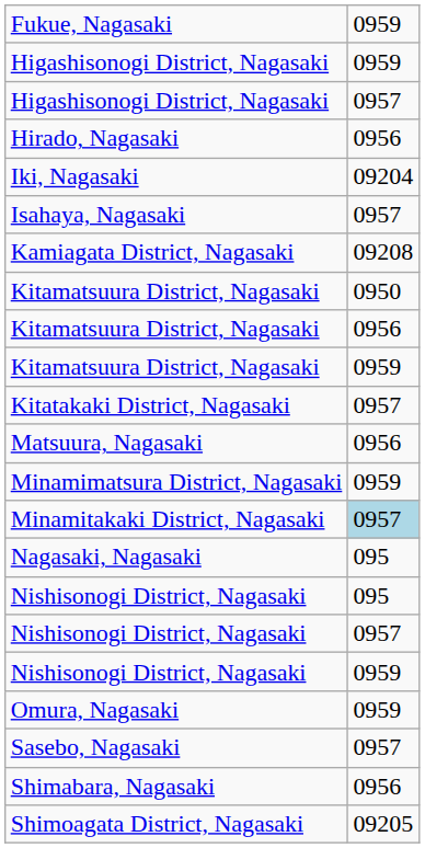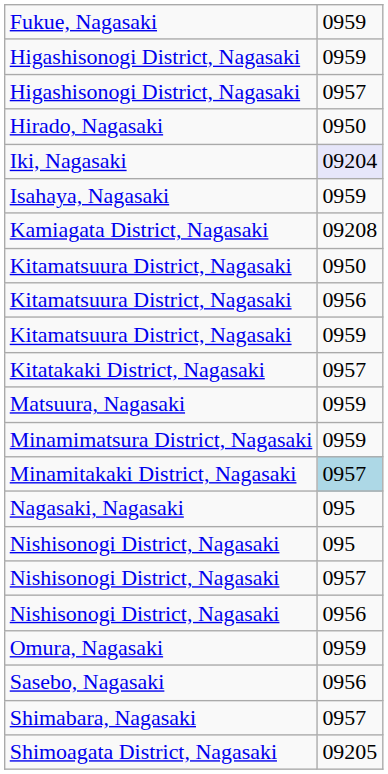 <table class="wikitable">
 <tr>
 <td><a href='#'>Fukue, Nagasaki</a></td>
 <td>0959</td>
 </tr>
 <tr>
 <td><a href='#'>Higashisonogi District, Nagasaki</a></td>
 <td>0959</td>
 </tr>
 <tr>
 <td><a href='#'>Higashisonogi District, Nagasaki</a></td>
 <td>0957</td>
 </tr>
 <tr>
 <td><a href='#'>Hirado, Nagasaki</a></td>
-<td>0956</td>
+<td>0950</td>
 </tr>
 <tr>
 <td><a href='#'>Iki, Nagasaki</a></td>
-<td>09204</td>
+<td style="background: lavender;">09204</td>
 </tr>
 <tr>
 <td><a href='#'>Isahaya, Nagasaki</a></td>
-<td>0957</td>
+<td>0959</td>
 </tr>
 <tr>
 <td><a href='#'>Kamiagata District, Nagasaki</a></td>
 <td>09208</td>
 </tr>
 <tr>
 <td><a href='#'>Kitamatsuura District, Nagasaki</a></td>
 <td>0950</td>
 </tr>
 <tr>
 <td><a href='#'>Kitamatsuura District, Nagasaki</a></td>
 <td>0956</td>
 </tr>
 <tr>
 <td><a href='#'>Kitamatsuura District, Nagasaki</a></td>
 <td>0959</td>
 </tr>
 <tr>
 <td><a href='#'>Kitatakaki District, Nagasaki</a></td>
 <td>0957</td>
 </tr>
 <tr>
 <td><a href='#'>Matsuura, Nagasaki</a></td>
-<td>0956</td>
+<td>0959</td>
 </tr>
 <tr>
 <td><a href='#'>Minamimatsura District, Nagasaki</a></td>
 <td>0959</td>
 </tr>
 <tr>
 <td><a href='#'>Minamitakaki District, Nagasaki</a></td>
 <td style="background: lightblue;">0957</td>
 </tr>
 <tr>
 <td><a href='#'>Nagasaki, Nagasaki</a></td>
 <td>095</td>
 </tr>
 <tr>
 <td><a href='#'>Nishisonogi District, Nagasaki</a></td>
 <td>095</td>
 </tr>
 <tr>
 <td><a href='#'>Nishisonogi District, Nagasaki</a></td>
 <td>0957</td>
 </tr>
 <tr>
 <td><a href='#'>Nishisonogi District, Nagasaki</a></td>
-<td>0959</td>
+<td>0956</td>
 </tr>
 <tr>
 <td><a href='#'>Omura, Nagasaki</a></td>
 <td>0959</td>
 </tr>
 <tr>
 <td><a href='#'>Sasebo, Nagasaki</a></td>
-<td>0957</td>
+<td>0956</td>
 </tr>
 <tr>
 <td><a href='#'>Shimabara, Nagasaki</a></td>
-<td>0956</td>
+<td>0957</td>
 </tr>
 <tr>
 <td><a href='#'>Shimoagata District, Nagasaki</a></td>
 <td>09205</td>
 </tr>
 </table>
